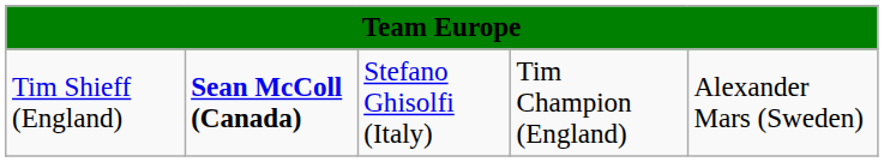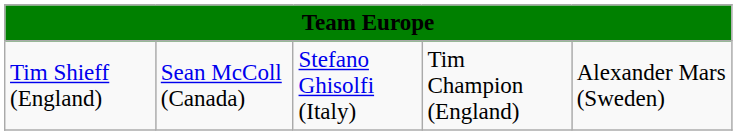 <table class="wikitable" style="width:40%; text-align=center;">
 <tr>
 <th colspan="5" style="background:green;">Team Europe</th>
 </tr>
 <tr>
 <td style="width:9%;"><a href='#'>Tim Shieff</a> (England)</td>
-<td style="width:8%;"><strong><a href='#'>Sean McColl</a> (Canada)</strong></td>
+<td style="width:8%;"><a href='#'>Sean McColl</a> (Canada)</td>
 <td style="width:8%;"><a href='#'>Stefano Ghisolfi</a> (Italy)</td>
 <td style="width:8%;">Tim Champion (England)</td>
 <td style="width:10%;">Alexander Mars (Sweden)</td>
 </tr>
 </table>
